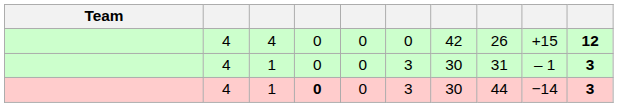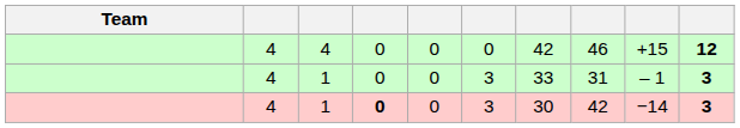 <table class=wikitable style="text-align:center">
 <tr>
 <th width=200>Team</th>
 <th width=40></th>
 <th width=40></th>
 <th width=40></th>
 <th width=40></th>
 <th width=40></th>
 <th width=40></th>
 <th width=40></th>
 <th width=40></th>
 <th width=40></th>
 </tr>
 <tr bgcolor=ccffcc>
 <td align=left></td>
 <td>4</td>
 <td>4</td>
 <td>0</td>
 <td>0</td>
 <td>0</td>
 <td>42</td>
-<td>26</td>
+<td>46</td>
 <td>+15</td>
 <td><strong>12</strong></td>
 </tr>
 <tr bgcolor=ccffcc>
 <td align=left></td>
 <td>4</td>
 <td>1</td>
 <td>0</td>
 <td>0</td>
 <td>3</td>
-<td>30</td>
+<td>33</td>
 <td>31</td>
 <td>– 1</td>
 <td><strong>3</strong></td>
 </tr>
 <tr bgcolor=ffcccc>
 <td align=left></td>
 <td>4</td>
 <td>1</td>
 <td><strong>0</strong></td>
 <td>0</td>
 <td>3</td>
 <td>30</td>
-<td>44</td>
+<td>42</td>
 <td>−14</td>
 <td><strong>3</strong></td>
 </tr>
 </table>
